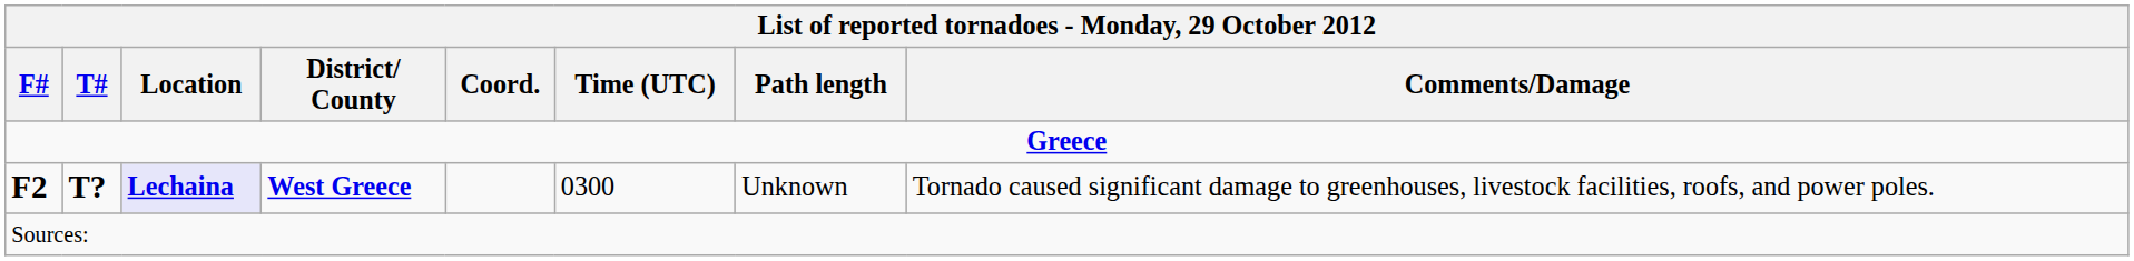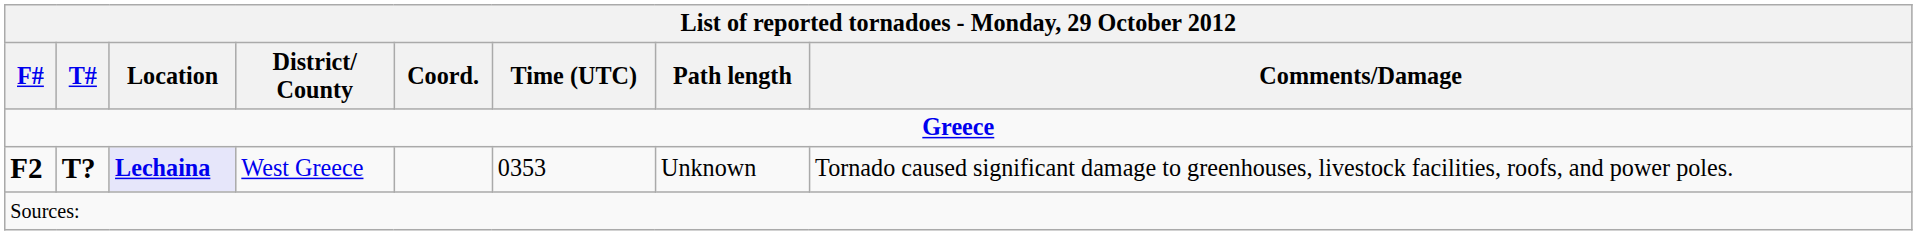 <table class="wikitable collapsible" width="100%">
 <tr>
 <th colspan="8">List of reported tornadoes - Monday, 29 October 2012</th>
 </tr>
 <tr>
 <th><a href='#'>F#</a></th>
 <th><a href='#'>T#</a></th>
 <th>Location</th>
 <th>District/<br>County</th>
 <th>Coord.</th>
 <th>Time (UTC)</th>
 <th>Path length</th>
 <th>Comments/Damage</th>
 </tr>
 <tr>
 <td colspan="8" align=center><strong><a href='#'>Greece</a></strong></td>
 </tr>
 <tr>
 <td><big><strong>F2</strong></big></td>
 <td><big><strong>T?</strong></big></td>
 <td style="background: lavender;"><strong><a href='#'>Lechaina</a></strong></td>
-<td><strong><a href='#'>West Greece</a></strong></td>
+<td><a href='#'>West Greece</a></td>
 <td></td>
-<td>0300</td>
+<td>0353</td>
 <td>Unknown</td>
 <td>Tornado caused significant damage to greenhouses, livestock facilities, roofs, and power poles.</td>
 </tr>
 <tr>
 <td colspan="8"><small>Sources:  </small></td>
 </tr>
 </table>
